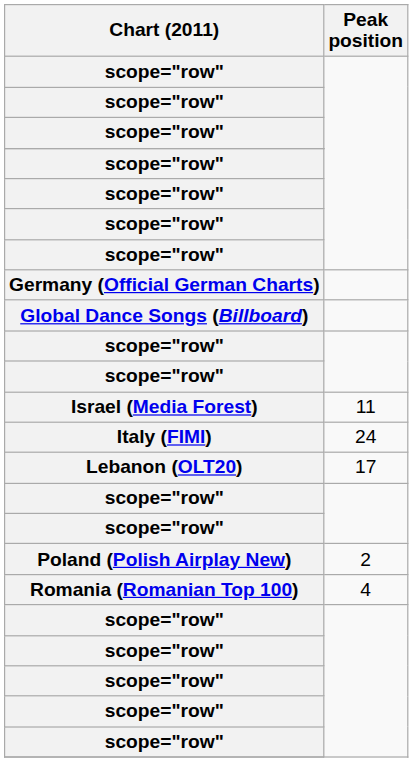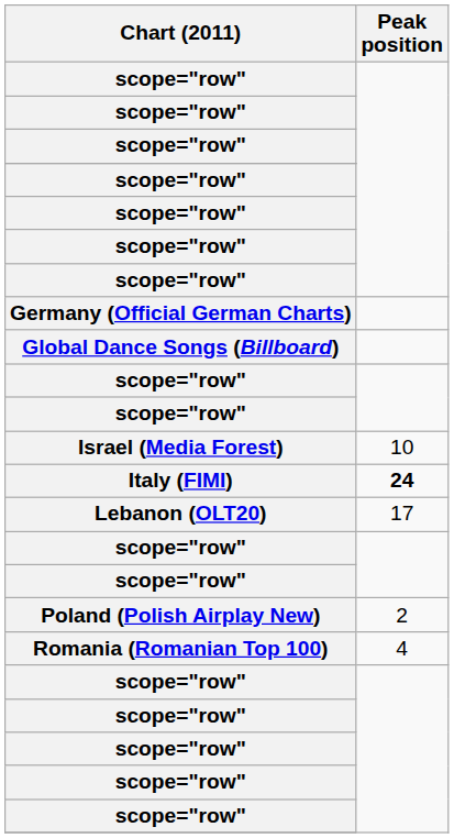 <table class="wikitable plainrowheaders sortable">
 <tr>
 <th>Chart (2011)</th>
 <th>Peak<br>position</th>
 </tr>
 <tr>
 <th>scope="row" </th>
 </tr>
 <tr>
 <th>scope="row" </th>
 </tr>
 <tr>
 <th>scope="row" </th>
 </tr>
 <tr>
 </tr>
 <tr>
 <th>scope="row" </th>
 </tr>
 <tr>
 <th>scope="row" </th>
 </tr>
 <tr>
 <th>scope="row" </th>
 </tr>
 <tr>
 <th>scope="row" </th>
 </tr>
 <tr>
 <th scope="row">Germany (<a href='#'>Official German Charts</a>)<br></th>
 <td></td>
 </tr>
 <tr>
 <th scope="row"><a href='#'>Global Dance Songs</a> (<em><a href='#'>Billboard</a></em>)</th>
 <td></td>
 </tr>
 <tr>
 <th>scope="row" </th>
 </tr>
 <tr>
 <th>scope="row" </th>
 </tr>
 <tr>
 <th scope="row">Israel (<a href='#'>Media Forest</a>)</th>
-<td style="text-align:center;">11</td>
+<td style="text-align:center;">10</td>
 </tr>
 <tr>
 <th scope="row">Italy (<a href='#'>FIMI</a>)</th>
-<td style="text-align:center;">24</td>
+<td style="text-align:center;"><strong>24</strong></td>
 </tr>
 <tr>
 <th scope="row">Lebanon (<a href='#'>OLT20</a>)</th>
 <td style="text-align:center;">17</td>
 </tr>
 <tr>
 <th>scope="row" </th>
 </tr>
 <tr>
 <th>scope="row" </th>
 </tr>
 <tr>
 <th scope="row">Poland (<a href='#'>Polish Airplay New</a>)</th>
 <td style="text-align:center;">2</td>
 </tr>
 <tr>
 <th scope="row">Romania (<a href='#'>Romanian Top 100</a>)</th>
 <td style="text-align:center;">4</td>
 </tr>
 <tr>
 <th>scope="row" </th>
 </tr>
 <tr>
 <th>scope="row" </th>
 </tr>
 <tr>
 <th>scope="row" </th>
 </tr>
 <tr>
 <th>scope="row" </th>
 </tr>
 <tr>
 <th>scope="row" </th>
 </tr>
 <tr>
 </tr>
 </table>
